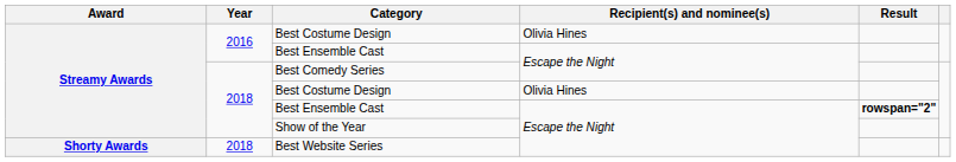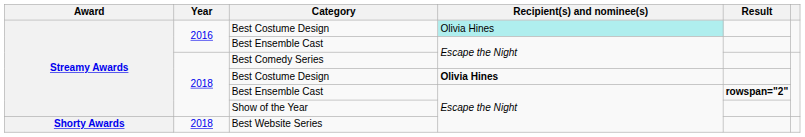 <table class="wikitable sortable plainrowheaders" style="width: 100%;">
 <tr>
 <th scope="col">Award</th>
 <th scope="col">Year</th>
 <th scope="col">Category</th>
 <th scope="col">Recipient(s) and nominee(s)</th>
 <th scope="col" style="width: 5%;">Result</th>
 <th scope="col" class="unsortable"></th>
 </tr>
 <tr>
 <th scope="row" rowspan="6" style="text-align: center;"><a href='#'>Streamy Awards</a></th>
 <td rowspan="2" style="text-align: center;"><a href='#'>2016</a></td>
 <td>Best Costume Design</td>
-<td>Olivia Hines</td>
+<td style="background: paleturquoise;">Olivia Hines</td>
 <td></td>
 <td rowspan="2" style="text-align: center;"></td>
 </tr>
 <tr>
 <td>Best Ensemble Cast</td>
 <td rowspan="2"><em>Escape the Night</em></td>
 <td></td>
 </tr>
 <tr>
 <td rowspan="4" style="text-align: center;"><a href='#'>2018</a></td>
 <td>Best Comedy Series</td>
 <td></td>
 <td rowspan="4" style="text-align: center;"></td>
 </tr>
 <tr>
 <td>Best Costume Design</td>
-<td>Olivia Hines</td>
+<td><strong>Olivia Hines</strong></td>
 <td></td>
 </tr>
 <tr>
 <td>Best Ensemble Cast</td>
 <td rowspan="3"><em>Escape the Night</em></td>
 <td><strong>rowspan="2" </strong></td>
 </tr>
 <tr>
 <td>Show of the Year</td>
 </tr>
 <tr>
 <th scope="row" style="text-align: center;"><a href='#'>Shorty Awards</a></th>
 <td style="text-align: center;"><a href='#'>2018</a></td>
 <td>Best Website Series</td>
 <td></td>
 <td style="text-align: center;"></td>
 </tr>
 </table>
